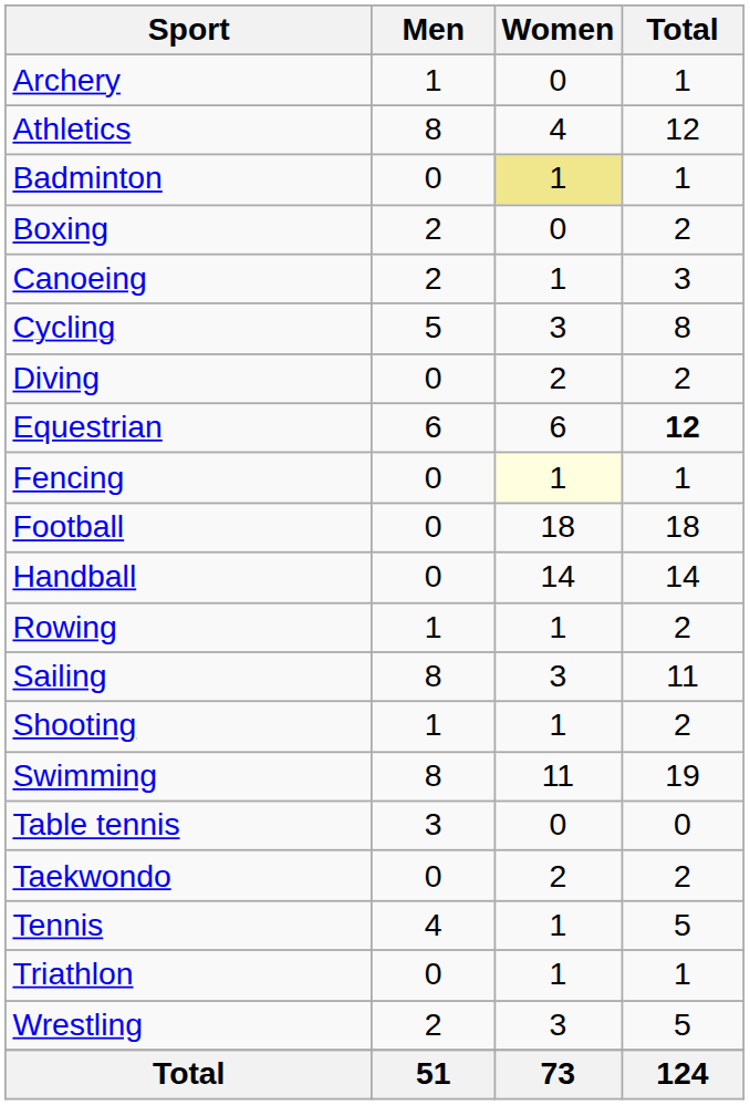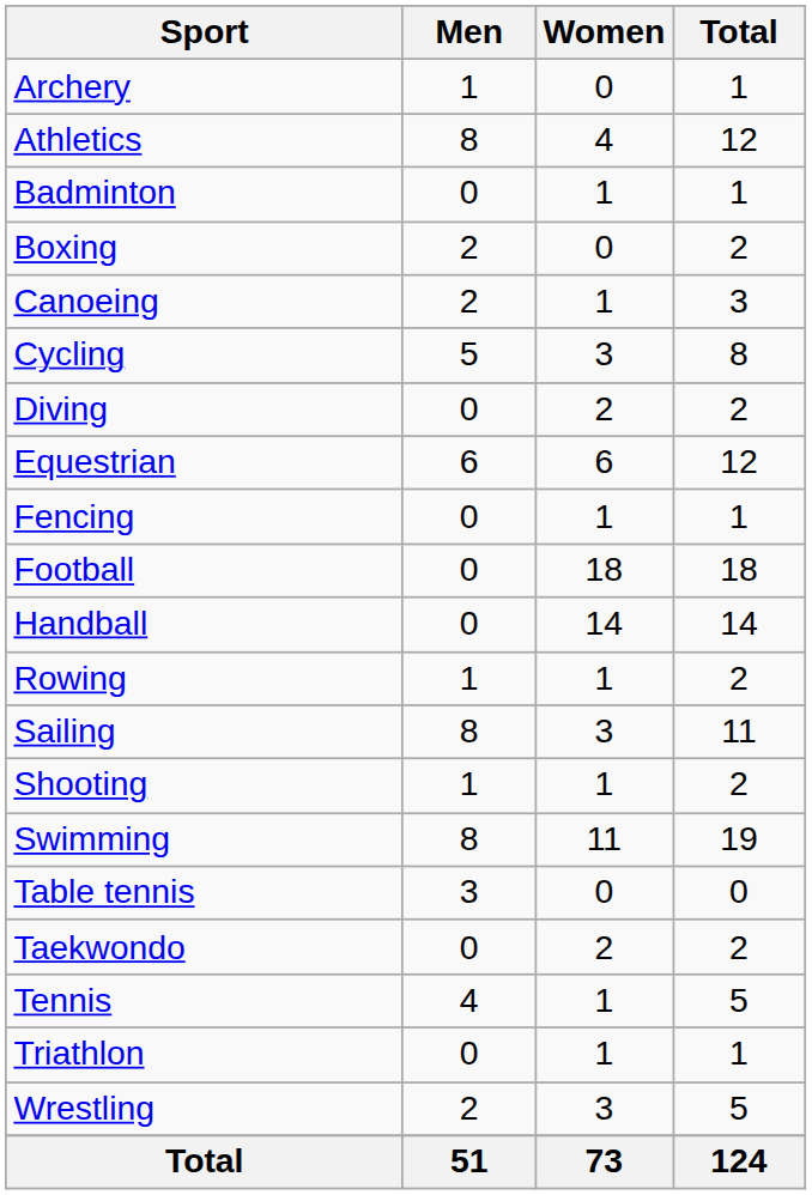 <table class="wikitable sortable" style="text-align:center;">
 <tr>
 <th width=180>Sport</th>
 <th width=55>Men</th>
 <th width=55>Women</th>
 <th width=55>Total</th>
 </tr>
 <tr>
 <td align=left><a href='#'>Archery</a></td>
 <td>1</td>
 <td>0</td>
 <td>1</td>
 </tr>
 <tr>
 <td align=left><a href='#'>Athletics</a></td>
 <td>8</td>
 <td>4</td>
 <td>12</td>
 </tr>
 <tr>
 <td align=left><a href='#'>Badminton</a></td>
 <td>0</td>
-<td style="background: khaki;">1</td>
+<td>1</td>
 <td>1</td>
 </tr>
 <tr>
 <td align=left><a href='#'>Boxing</a></td>
 <td>2</td>
 <td>0</td>
 <td>2</td>
 </tr>
 <tr>
 <td align=left><a href='#'>Canoeing</a></td>
 <td>2</td>
 <td>1</td>
 <td>3</td>
 </tr>
 <tr>
 <td align=left><a href='#'>Cycling</a></td>
 <td>5</td>
 <td>3</td>
 <td>8</td>
 </tr>
 <tr>
 <td align=left><a href='#'>Diving</a></td>
 <td>0</td>
 <td>2</td>
 <td>2</td>
 </tr>
 <tr>
 <td align=left><a href='#'>Equestrian</a></td>
 <td>6</td>
 <td>6</td>
-<td><strong>12</strong></td>
+<td>12</td>
 </tr>
 <tr>
 <td align=left><a href='#'>Fencing</a></td>
 <td>0</td>
-<td style="background: lightyellow;">1</td>
+<td>1</td>
 <td>1</td>
 </tr>
 <tr>
 <td align=left><a href='#'>Football</a></td>
 <td>0</td>
 <td>18</td>
 <td>18</td>
 </tr>
 <tr>
 <td align=left><a href='#'>Handball</a></td>
 <td>0</td>
 <td>14</td>
 <td>14</td>
 </tr>
 <tr>
 <td align=left><a href='#'>Rowing</a></td>
 <td>1</td>
 <td>1</td>
 <td>2</td>
 </tr>
 <tr>
 <td align=left><a href='#'>Sailing</a></td>
 <td>8</td>
 <td>3</td>
 <td>11</td>
 </tr>
 <tr>
 <td align=left><a href='#'>Shooting</a></td>
 <td>1</td>
 <td>1</td>
 <td>2</td>
 </tr>
 <tr>
 <td align=left><a href='#'>Swimming</a></td>
 <td>8</td>
 <td>11</td>
 <td>19</td>
 </tr>
 <tr>
 <td align=left><a href='#'>Table tennis</a></td>
 <td>3</td>
 <td>0</td>
 <td>0</td>
 </tr>
 <tr>
 <td align=left><a href='#'>Taekwondo</a></td>
 <td>0</td>
 <td>2</td>
 <td>2</td>
 </tr>
 <tr>
 <td align=left><a href='#'>Tennis</a></td>
 <td>4</td>
 <td>1</td>
 <td>5</td>
 </tr>
 <tr>
 <td align=left><a href='#'>Triathlon</a></td>
 <td>0</td>
 <td>1</td>
 <td>1</td>
 </tr>
 <tr>
 <td align=left><a href='#'>Wrestling</a></td>
 <td>2</td>
 <td>3</td>
 <td>5</td>
 </tr>
 <tr>
 </tr>
 <tr class="sortbottom">
 <th>Total</th>
 <th>51</th>
 <th>73</th>
 <th>124</th>
 </tr>
 </table>
